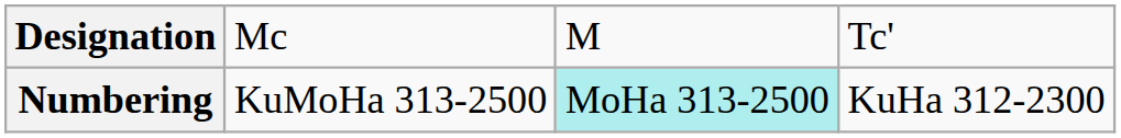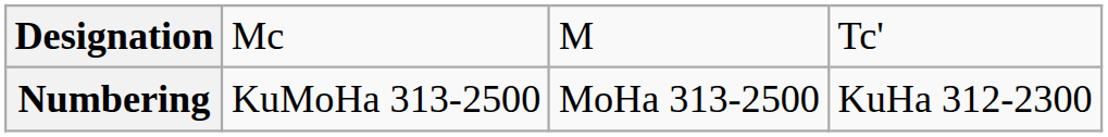 <table class="wikitable">
 <tr>
 <th>Designation</th>
 <td>Mc</td>
 <td>M</td>
 <td>Tc'</td>
 </tr>
 <tr>
 <th>Numbering</th>
 <td>KuMoHa 313-2500</td>
-<td style="background: paleturquoise;">MoHa 313-2500</td>
+<td>MoHa 313-2500</td>
 <td>KuHa 312-2300</td>
 </tr>
 </table>
